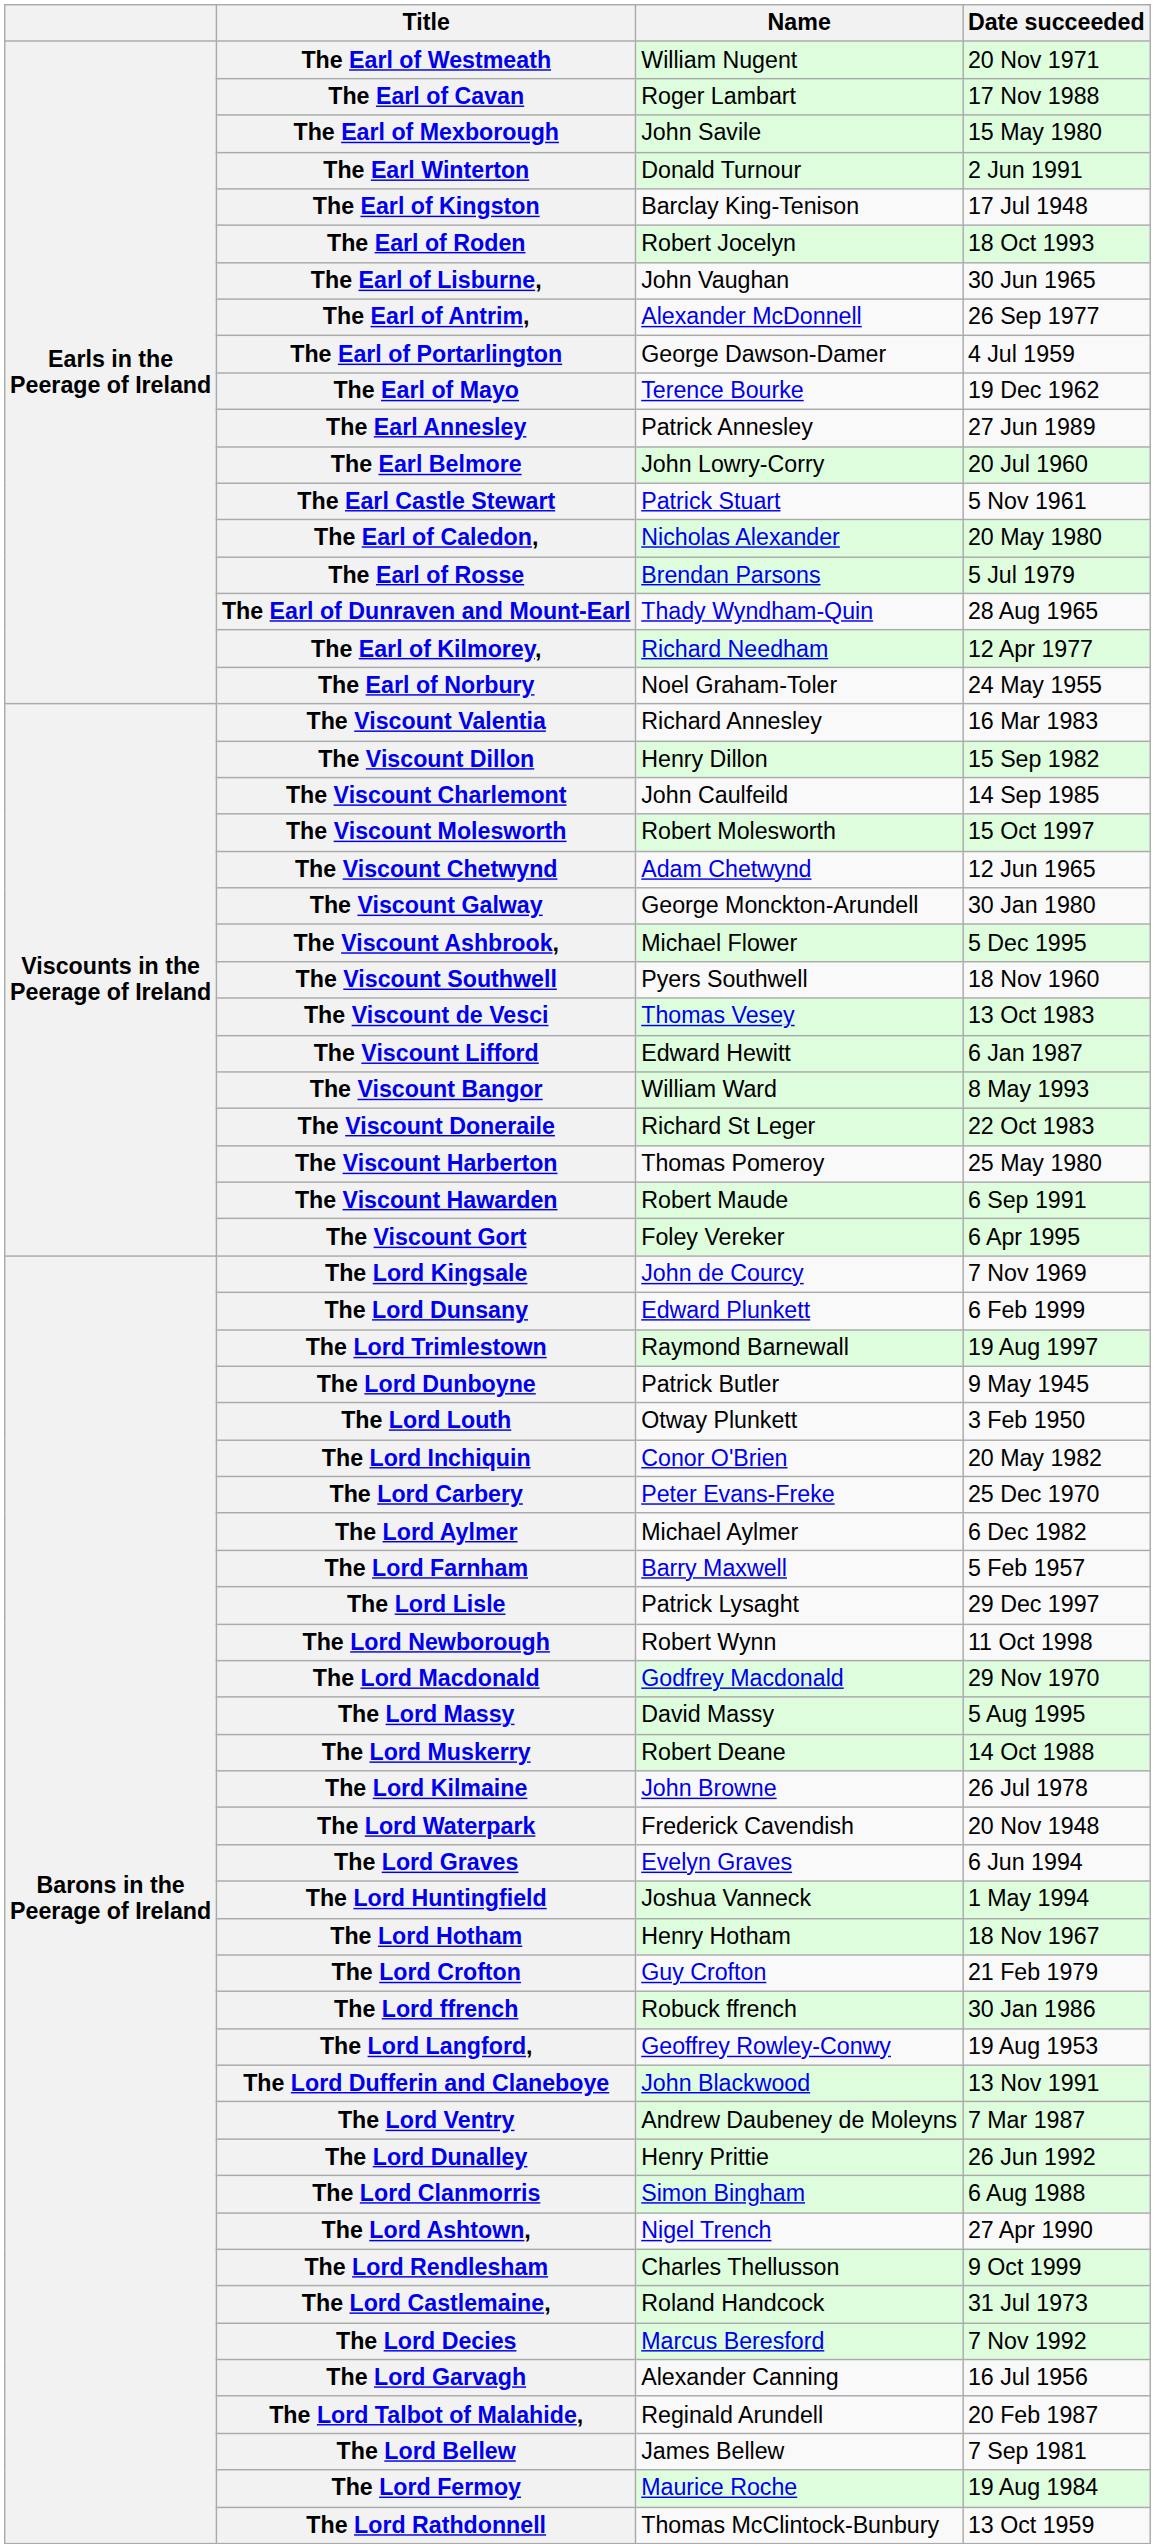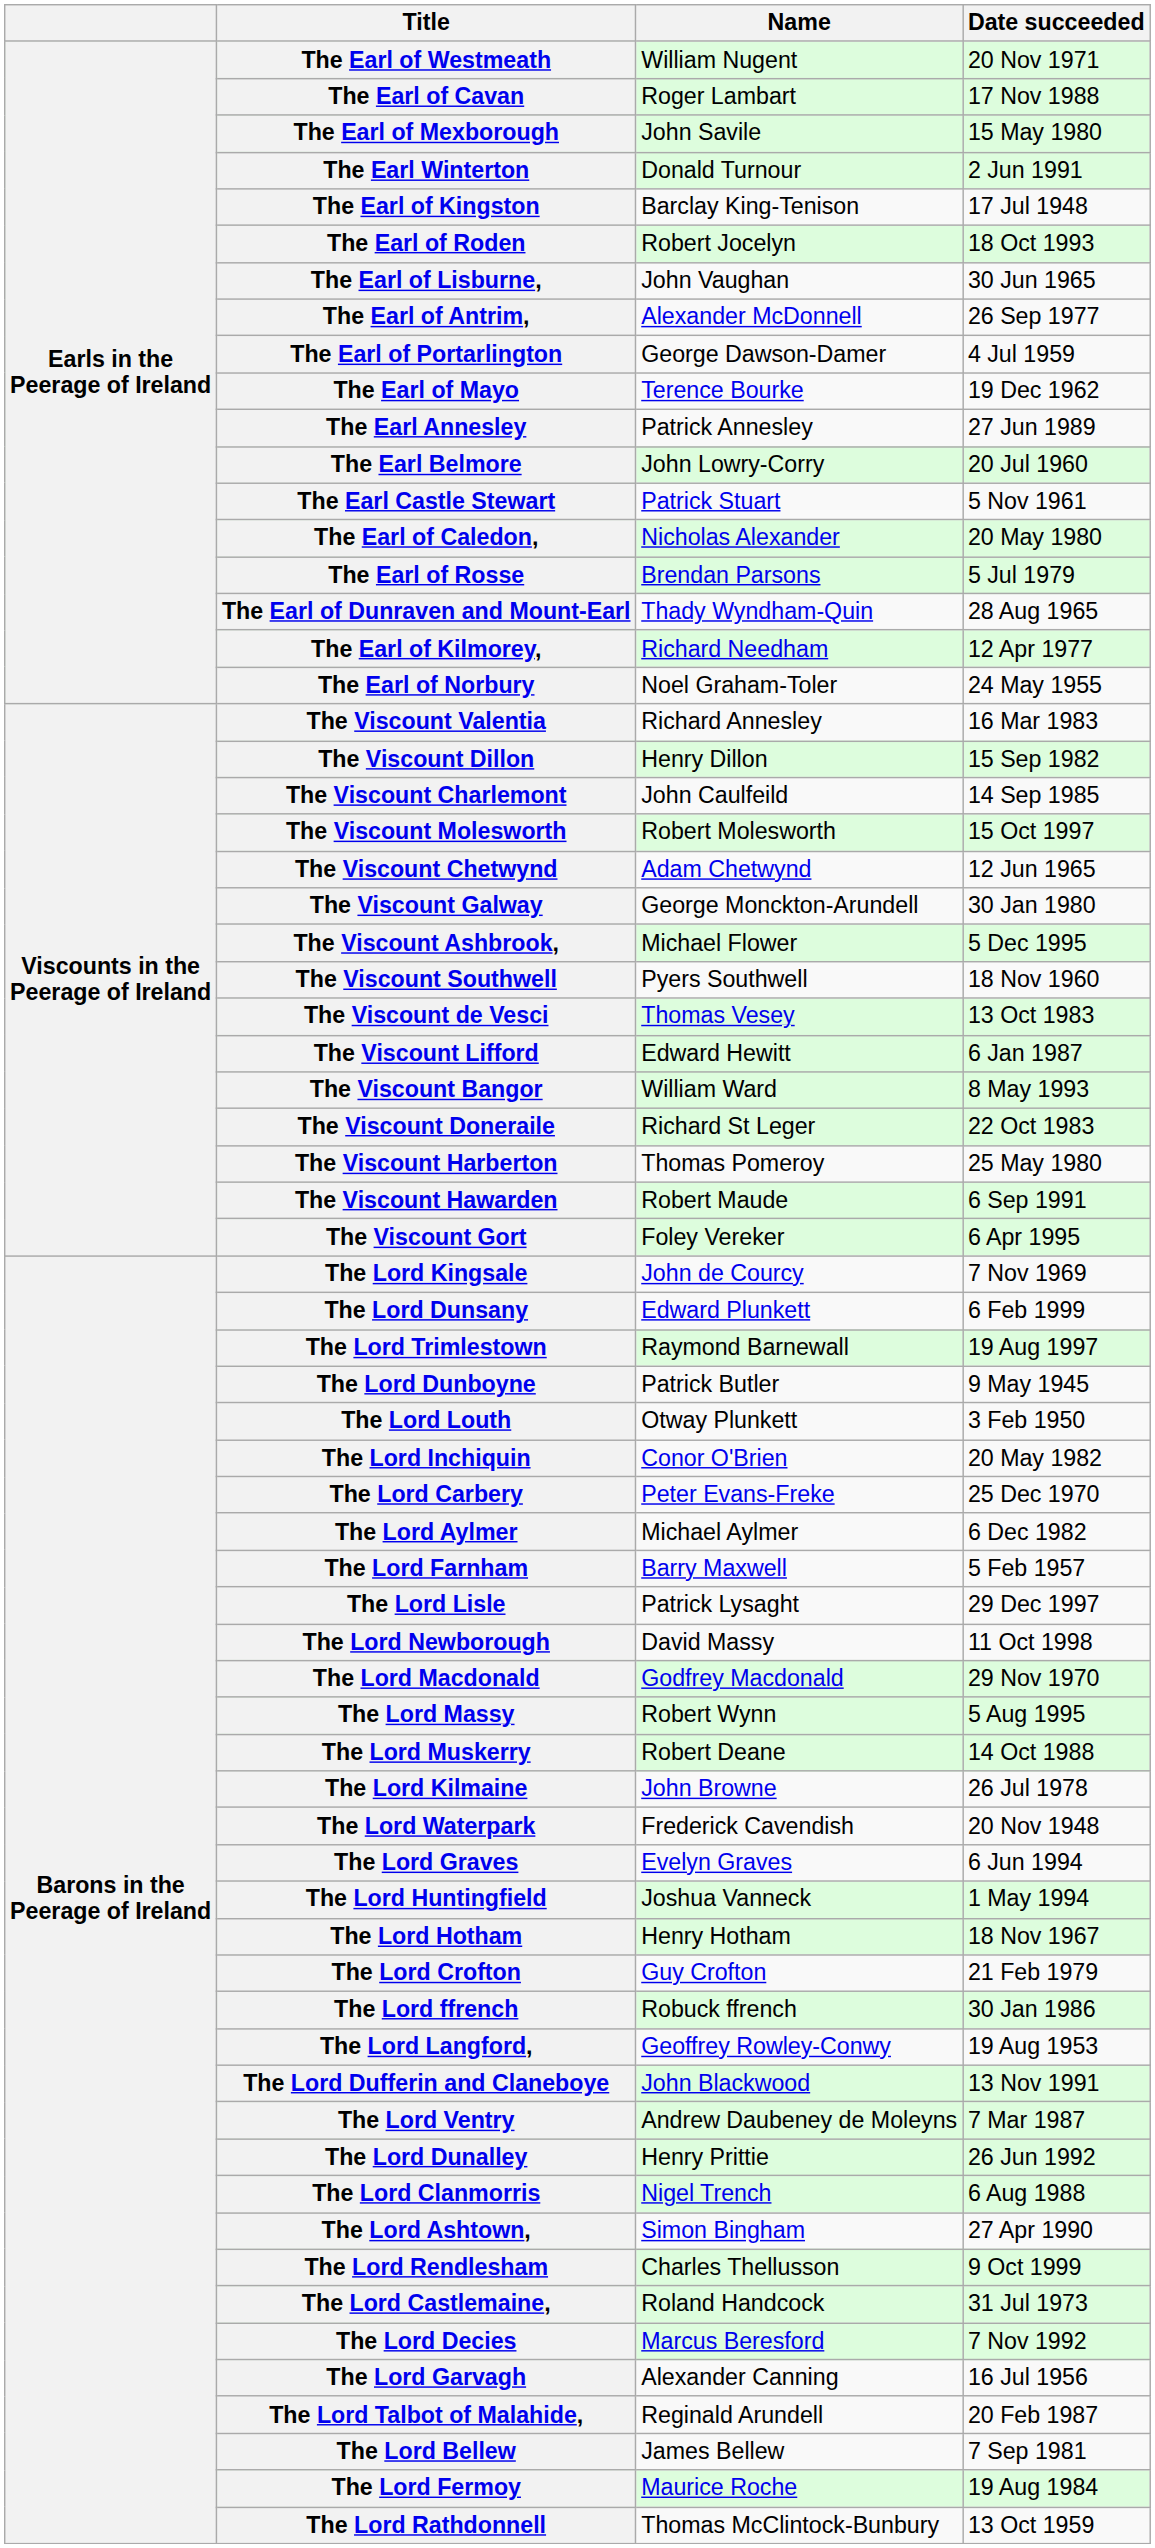 <table class="wikitable plainrowheaders sortable">
 <tr>
 <th></th>
 <th scope="col">Title</th>
 <th scope="col">Name</th>
 <th scope="col" data-sort-type="date">Date succeeded</th>
 </tr>
 <tr style="background:#DDFDDD;">
 <th rowspan=18>Earls in the<br>Peerage of Ireland</th>
 <th scope="row" data-sort-value="Westmeath">The <a href='#'>Earl of Westmeath</a></th>
 <td>William Nugent</td>
 <td>20 Nov 1971</td>
 </tr>
 <tr style="background:#DDFDDD;">
 <th scope="row" data-sort-value="Cavan">The <a href='#'>Earl of Cavan</a></th>
 <td>Roger Lambart</td>
 <td>17 Nov 1988</td>
 </tr>
 <tr style="background:#DDFDDD;">
 <th scope="row" data-sort-value="Mexborough">The <a href='#'>Earl of Mexborough</a></th>
 <td>John Savile</td>
 <td>15 May 1980</td>
 </tr>
 <tr style="background:#DDFDDD;">
 <th scope="row" data-sort-value="Winterton">The <a href='#'>Earl Winterton</a></th>
 <td>Donald Turnour</td>
 <td>2 Jun 1991</td>
 </tr>
 <tr>
 <th scope="row" data-sort-value="Kingston">The <a href='#'>Earl of Kingston</a></th>
 <td>Barclay King-Tenison</td>
 <td>17 Jul 1948</td>
 </tr>
 <tr style="background:#DDFDDD;">
 <th scope="row" data-sort-value="Roden">The <a href='#'>Earl of Roden</a></th>
 <td>Robert Jocelyn</td>
 <td>18 Oct 1993</td>
 </tr>
 <tr>
 <th scope="row" data-sort-value="Lisburne">The <a href='#'>Earl of Lisburne</a>, </th>
 <td>John Vaughan</td>
 <td>30 Jun 1965</td>
 </tr>
 <tr>
 <th scope="row" data-sort-value="Antrim">The <a href='#'>Earl of Antrim</a>, </th>
 <td><a href='#'>Alexander McDonnell</a></td>
 <td>26 Sep 1977</td>
 </tr>
 <tr>
 <th scope="row" data-sort-value="Portarlington">The <a href='#'>Earl of Portarlington</a></th>
 <td>George Dawson-Damer</td>
 <td>4 Jul 1959</td>
 </tr>
 <tr>
 <th scope="row" data-sort-value="Mayo">The <a href='#'>Earl of Mayo</a></th>
 <td><a href='#'>Terence Bourke</a></td>
 <td>19 Dec 1962</td>
 </tr>
 <tr>
 <th scope="row" data-sort-value="Annesley">The <a href='#'>Earl Annesley</a></th>
 <td>Patrick Annesley</td>
 <td>27 Jun 1989</td>
 </tr>
 <tr style="background:#DDFDDD;">
 <th scope="row" data-sort-value="Belmore">The <a href='#'>Earl Belmore</a></th>
 <td>John Lowry-Corry</td>
 <td>20 Jul 1960</td>
 </tr>
 <tr>
 <th scope="row" data-sort-value="Castle Stewart">The <a href='#'>Earl Castle Stewart</a></th>
 <td><a href='#'>Patrick Stuart</a></td>
 <td>5 Nov 1961</td>
 </tr>
 <tr style="background:#DDFDDD;">
 <th scope="row" data-sort-value="Caledon">The <a href='#'>Earl of Caledon</a>, </th>
 <td><a href='#'>Nicholas Alexander</a></td>
 <td>20 May 1980</td>
 </tr>
 <tr style="background:#DDFDDD;">
 <th scope="row" data-sort-value="Rosse">The <a href='#'>Earl of Rosse</a></th>
 <td><a href='#'>Brendan Parsons</a></td>
 <td>5 Jul 1979</td>
 </tr>
 <tr>
 <th scope="row" data-sort-value="Dunraven and Mount-Earl">The <a href='#'>Earl of Dunraven and Mount-Earl</a></th>
 <td><a href='#'>Thady Wyndham-Quin</a></td>
 <td>28 Aug 1965</td>
 </tr>
 <tr style="background:#DDFDDD;">
 <th scope="row" data-sort-value="Kilmorey">The <a href='#'>Earl of Kilmorey</a>, </th>
 <td><a href='#'>Richard Needham</a></td>
 <td>12 Apr 1977</td>
 </tr>
 <tr>
 <th scope="row" data-sort-value="Norbury">The <a href='#'>Earl of Norbury</a></th>
 <td>Noel Graham-Toler</td>
 <td>24 May 1955</td>
 </tr>
 <tr>
 <th rowspan=15>Viscounts in the<br>Peerage of Ireland</th>
 <th scope="row" data-sort-value="Valentia">The <a href='#'>Viscount Valentia</a></th>
 <td>Richard Annesley</td>
 <td>16 Mar 1983</td>
 </tr>
 <tr style="background:#DDFDDD;">
 <th scope="row" data-sort-value="Dillon">The <a href='#'>Viscount Dillon</a></th>
 <td>Henry Dillon</td>
 <td>15 Sep 1982</td>
 </tr>
 <tr>
 <th scope="row" data-sort-value="Charlemont">The <a href='#'>Viscount Charlemont</a></th>
 <td>John Caulfeild</td>
 <td>14 Sep 1985</td>
 </tr>
 <tr style="background:#DDFDDD;">
 <th scope="row" data-sort-value="Molesworth">The <a href='#'>Viscount Molesworth</a></th>
 <td>Robert Molesworth</td>
 <td>15 Oct 1997</td>
 </tr>
 <tr>
 <th scope="row" data-sort-value="Chetwynd">The <a href='#'>Viscount Chetwynd</a></th>
 <td><a href='#'>Adam Chetwynd</a></td>
 <td>12 Jun 1965</td>
 </tr>
 <tr>
 <th scope="row" data-sort-value="Galway">The <a href='#'>Viscount Galway</a></th>
 <td>George Monckton-Arundell</td>
 <td>30 Jan 1980</td>
 </tr>
 <tr style="background:#DDFDDD;">
 <th scope="row" data-sort-value="Ashbrook">The <a href='#'>Viscount Ashbrook</a>, </th>
 <td>Michael Flower</td>
 <td>5 Dec 1995</td>
 </tr>
 <tr>
 <th scope="row" data-sort-value="Southwell">The <a href='#'>Viscount Southwell</a></th>
 <td>Pyers Southwell</td>
 <td>18 Nov 1960</td>
 </tr>
 <tr style="background:#DDFDDD;">
 <th scope="row" data-sort-value="de Vesci">The <a href='#'>Viscount de Vesci</a></th>
 <td><a href='#'>Thomas Vesey</a></td>
 <td>13 Oct 1983</td>
 </tr>
 <tr style="background:#DDFDDD;">
 <th scope="row" data-sort-value="Lifford">The <a href='#'>Viscount Lifford</a></th>
 <td>Edward Hewitt</td>
 <td>6 Jan 1987</td>
 </tr>
 <tr style="background:#DDFDDD;">
 <th scope="row" data-sort-value="Bangor">The <a href='#'>Viscount Bangor</a></th>
 <td>William Ward</td>
 <td>8 May 1993</td>
 </tr>
 <tr style="background:#DDFDDD;">
 <th scope="row" data-sort-value="Doneraile">The <a href='#'>Viscount Doneraile</a></th>
 <td>Richard St Leger</td>
 <td>22 Oct 1983</td>
 </tr>
 <tr>
 <th scope="row" data-sort-value="Harberton">The <a href='#'>Viscount Harberton </a></th>
 <td>Thomas Pomeroy</td>
 <td>25 May 1980</td>
 </tr>
 <tr style="background:#DDFDDD;">
 <th scope="row" data-sort-value="Hawarden">The <a href='#'>Viscount Hawarden</a></th>
 <td>Robert Maude</td>
 <td>6 Sep 1991</td>
 </tr>
 <tr style="background:#DDFDDD;">
 <th scope="row" data-sort-value="Gort">The <a href='#'>Viscount Gort</a></th>
 <td>Foley Vereker</td>
 <td>6 Apr 1995</td>
 </tr>
 <tr>
 <th rowspan=35>Barons in the<br>Peerage of Ireland</th>
 <th scope="row" data-sort-value="Kingsale">The <a href='#'>Lord Kingsale</a></th>
 <td><a href='#'>John de Courcy</a></td>
 <td>7 Nov 1969</td>
 </tr>
 <tr>
 <th scope="row" data-sort-value="Dunsany">The <a href='#'>Lord Dunsany</a></th>
 <td><a href='#'>Edward Plunkett</a></td>
 <td>6 Feb 1999</td>
 </tr>
 <tr style="background:#DDFDDD;">
 <th scope="row" data-sort-value="Trimlestown">The <a href='#'>Lord Trimlestown</a></th>
 <td>Raymond Barnewall</td>
 <td>19 Aug 1997</td>
 </tr>
 <tr>
 <th scope="row" data-sort-value="Dunboyne">The <a href='#'>Lord Dunboyne</a></th>
 <td>Patrick Butler</td>
 <td>9 May 1945</td>
 </tr>
 <tr>
 <th scope="row" data-sort-value="Louth">The <a href='#'>Lord Louth</a></th>
 <td>Otway Plunkett</td>
 <td>3 Feb 1950</td>
 </tr>
 <tr>
 <th scope="row" data-sort-value="Inchiquin">The <a href='#'>Lord Inchiquin</a></th>
 <td><a href='#'>Conor O'Brien</a></td>
 <td>20 May 1982</td>
 </tr>
 <tr>
 <th scope="row" data-sort-value="Carbery">The <a href='#'>Lord Carbery</a></th>
 <td><a href='#'>Peter Evans-Freke</a></td>
 <td>25 Dec 1970</td>
 </tr>
 <tr>
 <th scope="row" data-sort-value="Aylmer">The <a href='#'>Lord Aylmer</a></th>
 <td>Michael Aylmer</td>
 <td>6 Dec 1982</td>
 </tr>
 <tr>
 <th scope="row" data-sort-value="Farnham">The <a href='#'>Lord Farnham</a></th>
 <td><a href='#'>Barry Maxwell</a></td>
 <td>5 Feb 1957</td>
 </tr>
 <tr>
 <th scope="row" data-sort-value="Lisle">The <a href='#'>Lord Lisle</a></th>
 <td>Patrick Lysaght</td>
 <td>29 Dec 1997</td>
 </tr>
 <tr>
 <th scope="row" data-sort-value="Newborough">The <a href='#'>Lord Newborough</a></th>
-<td>Robert Wynn</td>
+<td>David Massy</td>
 <td>11 Oct 1998</td>
 </tr>
 <tr style="background:#DDFDDD;">
 <th scope="row" data-sort-value="Macdonald">The <a href='#'>Lord Macdonald</a></th>
 <td><a href='#'>Godfrey Macdonald</a></td>
 <td>29 Nov 1970</td>
 </tr>
 <tr style="background:#DDFDDD;">
 <th scope="row" data-sort-value="Massy">The <a href='#'>Lord Massy</a></th>
-<td>David Massy</td>
+<td>Robert Wynn</td>
 <td>5 Aug 1995</td>
 </tr>
 <tr style="background:#DDFDDD;">
 <th scope="row" data-sort-value="Muskerry">The <a href='#'>Lord Muskerry</a></th>
 <td>Robert Deane</td>
 <td>14 Oct 1988</td>
 </tr>
 <tr>
 <th scope="row" data-sort-value="Kilmaine">The <a href='#'>Lord Kilmaine</a></th>
 <td><a href='#'>John Browne</a></td>
 <td>26 Jul 1978</td>
 </tr>
 <tr>
 <th scope="row" data-sort-value="Waterpark">The <a href='#'>Lord Waterpark</a></th>
 <td>Frederick Cavendish</td>
 <td>20 Nov 1948</td>
 </tr>
 <tr>
 <th scope="row" data-sort-value="Graves">The <a href='#'>Lord Graves</a></th>
 <td><a href='#'>Evelyn Graves</a></td>
 <td>6 Jun 1994</td>
 </tr>
 <tr style="background:#DDFDDD;">
 <th scope="row" data-sort-value="Huntingfield">The <a href='#'>Lord Huntingfield</a></th>
 <td>Joshua Vanneck</td>
 <td>1 May 1994</td>
 </tr>
 <tr style="background:#DDFDDD;">
 <th scope="row" data-sort-value="Hotham">The <a href='#'>Lord Hotham</a></th>
 <td>Henry Hotham</td>
 <td>18 Nov 1967</td>
 </tr>
 <tr>
 <th scope="row" data-sort-value="Crofton">The <a href='#'>Lord Crofton</a></th>
 <td><a href='#'>Guy Crofton</a></td>
 <td>21 Feb 1979</td>
 </tr>
 <tr style="background:#DDFDDD;">
 <th scope="row" data-sort-value="ffrench">The <a href='#'>Lord ffrench</a></th>
 <td>Robuck ffrench</td>
 <td>30 Jan 1986</td>
 </tr>
 <tr>
 <th scope="row" data-sort-value="Langford">The <a href='#'>Lord Langford</a>, </th>
 <td><a href='#'>Geoffrey Rowley-Conwy</a></td>
 <td>19 Aug 1953</td>
 </tr>
 <tr style="background:#DDFDDD;">
 <th scope="row" data-sort-value="Dufferin and Claneboye">The <a href='#'>Lord Dufferin and Claneboye</a></th>
 <td><a href='#'>John Blackwood</a></td>
 <td>13 Nov 1991</td>
 </tr>
 <tr style="background:#DDFDDD;">
 <th scope="row" data-sort-value="Ventry">The <a href='#'>Lord Ventry</a></th>
 <td>Andrew Daubeney de Moleyns</td>
 <td>7 Mar 1987</td>
 </tr>
 <tr style="background:#DDFDDD;">
 <th scope="row" data-sort-value="Dunalley">The <a href='#'>Lord Dunalley</a></th>
 <td>Henry Prittie</td>
 <td>26 Jun 1992</td>
 </tr>
 <tr style="background:#DDFDDD;">
 <th scope="row" data-sort-value="Clanmorris">The <a href='#'>Lord Clanmorris</a></th>
-<td><a href='#'>Simon Bingham</a></td>
+<td><a href='#'>Nigel Trench</a></td>
 <td>6 Aug 1988</td>
 </tr>
 <tr>
 <th scope="row" data-sort-value="Ashtown">The <a href='#'>Lord Ashtown</a>, </th>
-<td><a href='#'>Nigel Trench</a></td>
+<td><a href='#'>Simon Bingham</a></td>
 <td>27 Apr 1990</td>
 </tr>
 <tr style="background:#DDFDDD;">
 <th scope="row" data-sort-value="Rendlesham">The <a href='#'>Lord Rendlesham</a></th>
 <td>Charles Thellusson</td>
 <td>9 Oct 1999</td>
 </tr>
 <tr style="background:#DDFDDD;">
 <th scope="row" data-sort-value="Castlemaine">The <a href='#'>Lord Castlemaine</a>, </th>
 <td>Roland Handcock</td>
 <td>31 Jul 1973</td>
 </tr>
 <tr style="background:#DDFDDD;">
 <th scope="row" data-sort-value="Decies">The <a href='#'>Lord Decies</a></th>
 <td><a href='#'>Marcus Beresford</a></td>
 <td>7 Nov 1992</td>
 </tr>
 <tr>
 <th scope="row" data-sort-value="Garvagh">The <a href='#'>Lord Garvagh</a></th>
 <td>Alexander Canning</td>
 <td>16 Jul 1956</td>
 </tr>
 <tr>
 <th scope="row" data-sort-value="Talbot of Malahide">The <a href='#'>Lord Talbot of Malahide</a>, </th>
 <td>Reginald Arundell</td>
 <td>20 Feb 1987</td>
 </tr>
 <tr>
 <th scope="row" data-sort-value="Bellew">The <a href='#'>Lord Bellew</a></th>
 <td>James Bellew</td>
 <td>7 Sep 1981</td>
 </tr>
 <tr style="background:#DDFDDD;">
 <th scope="row" data-sort-value="Fermoy">The <a href='#'>Lord Fermoy</a></th>
 <td><a href='#'>Maurice Roche</a></td>
 <td>19 Aug 1984</td>
 </tr>
 <tr>
 <th scope="row" data-sort-value="Rathdonnell">The <a href='#'>Lord Rathdonnell</a></th>
 <td>Thomas McClintock-Bunbury</td>
 <td>13 Oct 1959</td>
 </tr>
 <tr>
 </tr>
 </table>
